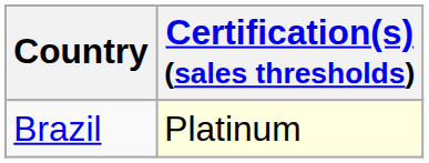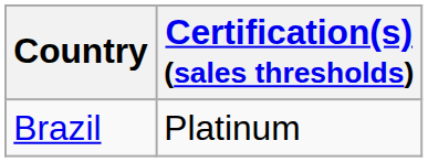 <table class="wikitable" border="1">
 <tr>
 <th>Country</th>
 <th><a href='#'>Certification(s)</a><br><small>(<a href='#'>sales thresholds</a>)</small></th>
 </tr>
 <tr>
 <td> <a href='#'>Brazil</a></td>
-<td style="background: lightyellow;">Platinum</td>
+<td>Platinum</td>
 </tr>
 </table>
